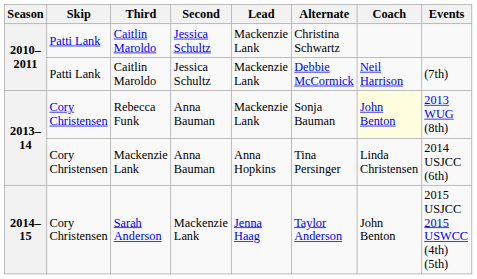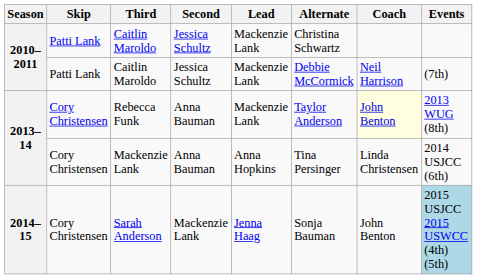 <table class="wikitable">
 <tr>
 <th scope="col">Season</th>
 <th scope="col">Skip</th>
 <th scope="col">Third</th>
 <th scope="col">Second</th>
 <th scope="col">Lead</th>
 <th scope="col">Alternate</th>
 <th scope="col">Coach</th>
 <th scope="col">Events</th>
 </tr>
 <tr>
 <th scope="row" rowspan=2>2010–2011</th>
 <td><a href='#'>Patti Lank</a></td>
 <td><a href='#'>Caitlin Maroldo</a></td>
 <td><a href='#'>Jessica Schultz</a></td>
 <td>Mackenzie Lank</td>
 <td>Christina Schwartz</td>
 <td></td>
 <td> </td>
 </tr>
 <tr>
 <td>Patti Lank</td>
 <td>Caitlin Maroldo</td>
 <td>Jessica Schultz</td>
 <td>Mackenzie Lank</td>
 <td><a href='#'>Debbie McCormick</a></td>
 <td><a href='#'>Neil Harrison</a></td>
 <td> (7th)</td>
 </tr>
 <tr>
 <th scope="row" rowspan=2>2013–14</th>
 <td><a href='#'>Cory Christensen</a></td>
 <td>Rebecca Funk</td>
 <td>Anna Bauman</td>
 <td>Mackenzie Lank</td>
-<td>Sonja Bauman</td>
+<td><a href='#'>Taylor Anderson</a></td>
 <td style="background: lightyellow;"><a href='#'>John Benton</a></td>
 <td><a href='#'>2013 WUG</a> (8th)</td>
 </tr>
 <tr>
 <td>Cory Christensen</td>
 <td>Mackenzie Lank</td>
 <td>Anna Bauman</td>
 <td>Anna Hopkins</td>
 <td>Tina Persinger</td>
 <td>Linda Christensen</td>
 <td>2014 USJCC <br> (6th)</td>
 </tr>
 <tr>
 <th scope="row">2014–15</th>
 <td>Cory Christensen</td>
 <td><a href='#'>Sarah Anderson</a></td>
 <td>Mackenzie Lank</td>
 <td><a href='#'>Jenna Haag</a></td>
-<td><a href='#'>Taylor Anderson</a></td>
+<td>Sonja Bauman</td>
 <td>John Benton</td>
-<td>2015 USJCC <br><a href='#'>2015 USWCC</a> (4th)<br> (5th)</td>
+<td style="background: lightblue;">2015 USJCC <br><a href='#'>2015 USWCC</a> (4th)<br> (5th)</td>
 </tr>
 </table>
